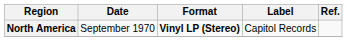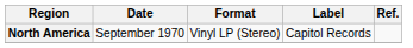 <table class="wikitable plainrowheaders">
 <tr>
 <th scope="col">Region</th>
 <th scope="col">Date</th>
 <th scope="col">Format</th>
 <th scope="col">Label</th>
 <th scope="col">Ref.</th>
 </tr>
 <tr>
 <th scope="row">North America</th>
 <td>September 1970</td>
-<td><strong>Vinyl LP (Stereo)</strong></td>
+<td>Vinyl LP (Stereo)</td>
 <td>Capitol Records</td>
 <td></td>
 </tr>
 <tr>
 </tr>
 </table>
